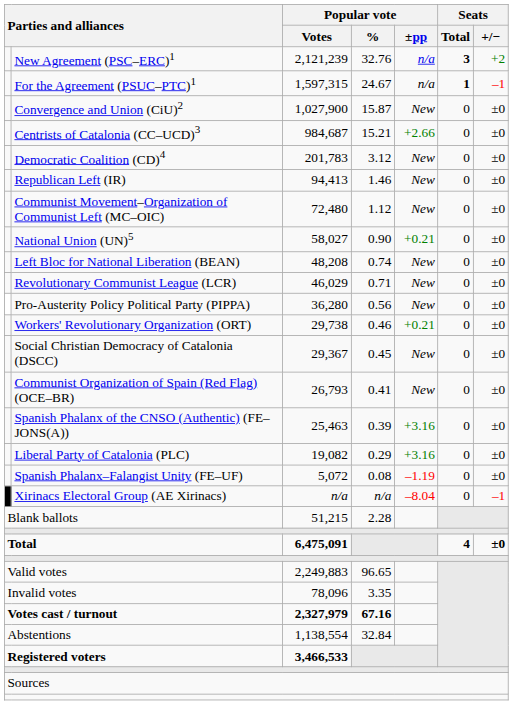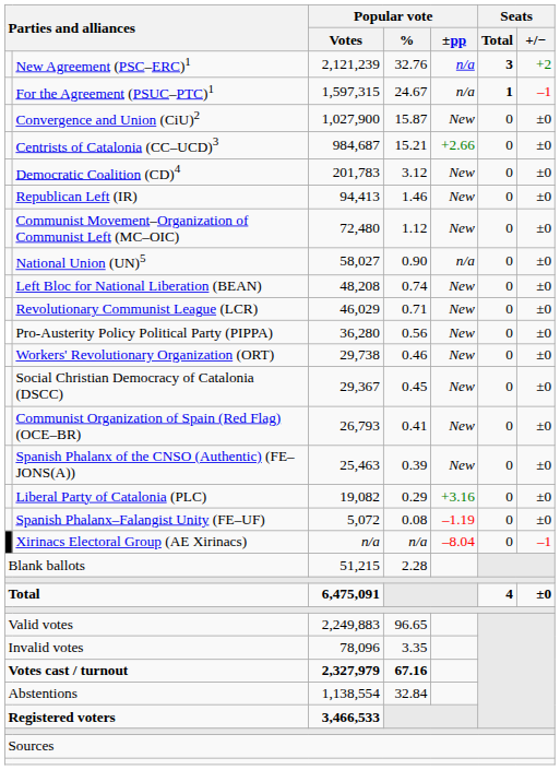 <table class="wikitable" style="text-align:right;">
 <tr>
 <th style="text-align:left;" rowspan="2" colspan="2" width="525">Parties and alliances</th>
 <th colspan="3">Popular vote</th>
 <th colspan="2">Seats</th>
 </tr>
 <tr>
 <th width="75">Votes</th>
 <th width="45">%</th>
 <th width="45">±<a href='#'>pp</a></th>
 <th width="35">Total</th>
 <th width="35">+/−</th>
 </tr>
 <tr>
 <td width="1" style="color:inherit;background:"></td>
 <td align="left"><a href='#'>New Agreement</a> (<a href='#'>PSC</a>–<a href='#'>ERC</a>)<sup>1</sup></td>
 <td>2,121,239</td>
 <td>32.76</td>
 <td><em><a href='#'>n/a</a></em></td>
 <td><strong>3</strong></td>
 <td style="color:green;">+2</td>
 </tr>
 <tr>
 <td style="color:inherit;background:"></td>
 <td align="left"><a href='#'>For the Agreement</a> (<a href='#'>PSUC</a>–<a href='#'>PTC</a>)<sup>1</sup></td>
 <td>1,597,315</td>
 <td>24.67</td>
 <td><em>n/a</em></td>
 <td><strong>1</strong></td>
 <td style="color:red;">–1</td>
 </tr>
 <tr>
 <td style="color:inherit;background:"></td>
 <td align="left"><a href='#'>Convergence and Union</a> (CiU)<sup>2</sup></td>
 <td>1,027,900</td>
 <td>15.87</td>
 <td><em>New</em></td>
 <td>0</td>
 <td>±0</td>
 </tr>
 <tr>
 <td style="color:inherit;background:"></td>
 <td align="left"><a href='#'>Centrists of Catalonia</a> (CC–UCD)<sup>3</sup></td>
 <td>984,687</td>
 <td>15.21</td>
 <td style="color:green;">+2.66</td>
 <td>0</td>
 <td>±0</td>
 </tr>
 <tr>
 <td style="color:inherit;background:"></td>
 <td align="left"><a href='#'>Democratic Coalition</a> (CD)<sup>4</sup></td>
 <td>201,783</td>
 <td>3.12</td>
 <td><em>New</em></td>
 <td>0</td>
 <td>±0</td>
 </tr>
 <tr>
 <td style="color:inherit;background:"></td>
 <td align="left"><a href='#'>Republican Left</a> (IR)</td>
 <td>94,413</td>
 <td>1.46</td>
 <td><em>New</em></td>
 <td>0</td>
 <td>±0</td>
 </tr>
 <tr>
 <td style="color:inherit;background:"></td>
 <td align="left"><a href='#'>Communist Movement</a>–<a href='#'>Organization of Communist Left</a> (MC–OIC)</td>
 <td>72,480</td>
 <td>1.12</td>
 <td><em>New</em></td>
 <td>0</td>
 <td>±0</td>
 </tr>
 <tr>
 <td style="color:inherit;background:"></td>
 <td align="left"><a href='#'>National Union</a> (UN)<sup>5</sup></td>
 <td>58,027</td>
 <td>0.90</td>
-<td style="color:green;">+0.21</td>
+<td><em>n/a</em></td>
 <td>0</td>
 <td>±0</td>
 </tr>
 <tr>
 <td style="color:inherit;background:"></td>
 <td align="left"><a href='#'>Left Bloc for National Liberation</a> (BEAN)</td>
 <td>48,208</td>
 <td>0.74</td>
 <td><em>New</em></td>
 <td>0</td>
 <td>±0</td>
 </tr>
 <tr>
 <td style="color:inherit;background:"></td>
 <td align="left"><a href='#'>Revolutionary Communist League</a> (LCR)</td>
 <td>46,029</td>
 <td>0.71</td>
 <td><em>New</em></td>
 <td>0</td>
 <td>±0</td>
 </tr>
 <tr>
 <td bgcolor="white"></td>
 <td align="left">Pro-Austerity Policy Political Party (PIPPA)</td>
 <td>36,280</td>
 <td>0.56</td>
 <td><em>New</em></td>
 <td>0</td>
 <td>±0</td>
 </tr>
 <tr>
 <td style="color:inherit;background:"></td>
 <td align="left"><a href='#'>Workers' Revolutionary Organization</a> (ORT)</td>
 <td>29,738</td>
 <td>0.46</td>
-<td style="color:green;">+0.21</td>
+<td><em>New</em></td>
 <td>0</td>
 <td>±0</td>
 </tr>
 <tr>
 <td style="color:inherit;background:"></td>
 <td align="left">Social Christian Democracy of Catalonia (DSCC)</td>
 <td>29,367</td>
 <td>0.45</td>
 <td><em>New</em></td>
 <td>0</td>
 <td>±0</td>
 </tr>
 <tr>
 <td style="color:inherit;background:"></td>
 <td align="left"><a href='#'>Communist Organization of Spain (Red Flag)</a> (OCE–BR)</td>
 <td>26,793</td>
 <td>0.41</td>
 <td><em>New</em></td>
 <td>0</td>
 <td>±0</td>
 </tr>
 <tr>
 <td style="color:inherit;background:"></td>
 <td align="left"><a href='#'>Spanish Phalanx of the CNSO (Authentic)</a> (FE–JONS(A))</td>
 <td>25,463</td>
 <td>0.39</td>
-<td style="color:green;">+3.16</td>
+<td><em>New</em></td>
 <td>0</td>
 <td>±0</td>
 </tr>
 <tr>
 <td style="color:inherit;background:"></td>
 <td align="left"><a href='#'>Liberal Party of Catalonia</a> (PLC)</td>
 <td>19,082</td>
 <td>0.29</td>
 <td style="color:green;">+3.16</td>
 <td>0</td>
 <td>±0</td>
 </tr>
 <tr>
 <td style="color:inherit;background:"></td>
 <td align="left"><a href='#'>Spanish Phalanx–Falangist Unity</a> (FE–UF)</td>
 <td>5,072</td>
 <td>0.08</td>
 <td style="color:red;">–1.19</td>
 <td>0</td>
 <td>±0</td>
 </tr>
 <tr>
 <td bgcolor="black"></td>
 <td align="left"><a href='#'>Xirinacs Electoral Group</a> (AE Xirinacs)</td>
 <td><em>n/a</em></td>
 <td><em>n/a</em></td>
 <td style="color:red;">–8.04</td>
 <td>0</td>
 <td style="color:red;">–1</td>
 </tr>
 <tr>
 <td align="left" colspan="2">Blank ballots</td>
 <td>51,215</td>
 <td>2.28</td>
 <td></td>
 <td bgcolor="#E9E9E9" colspan="2"></td>
 </tr>
 <tr>
 <td colspan="7" bgcolor="#E9E9E9"></td>
 </tr>
 <tr style="font-weight:bold;">
 <td align="left" colspan="2">Total</td>
 <td>6,475,091</td>
 <td bgcolor="#E9E9E9" colspan="2"></td>
 <td>4</td>
 <td>±0</td>
 </tr>
 <tr>
 <td colspan="7" bgcolor="#E9E9E9"></td>
 </tr>
 <tr>
 <td align="left" colspan="2">Valid votes</td>
 <td>2,249,883</td>
 <td>96.65</td>
 <td></td>
 <td bgcolor="#E9E9E9" colspan="2" rowspan="5"></td>
 </tr>
 <tr>
 <td align="left" colspan="2">Invalid votes</td>
 <td>78,096</td>
 <td>3.35</td>
 <td></td>
 </tr>
 <tr style="font-weight:bold;">
 <td align="left" colspan="2">Votes cast / turnout</td>
 <td>2,327,979</td>
 <td>67.16</td>
 <td></td>
 </tr>
 <tr>
 <td align="left" colspan="2">Abstentions</td>
 <td>1,138,554</td>
 <td>32.84</td>
 <td></td>
 </tr>
 <tr style="font-weight:bold;">
 <td align="left" colspan="2">Registered voters</td>
 <td>3,466,533</td>
 <td bgcolor="#E9E9E9" colspan="2"></td>
 </tr>
 <tr>
 <td colspan="7" bgcolor="#E9E9E9"></td>
 </tr>
 <tr>
 <td align="left" colspan="7">Sources</td>
 </tr>
 <tr>
 <td colspan="7" style="text-align:left; max-width:790px;"></td>
 </tr>
 </table>
